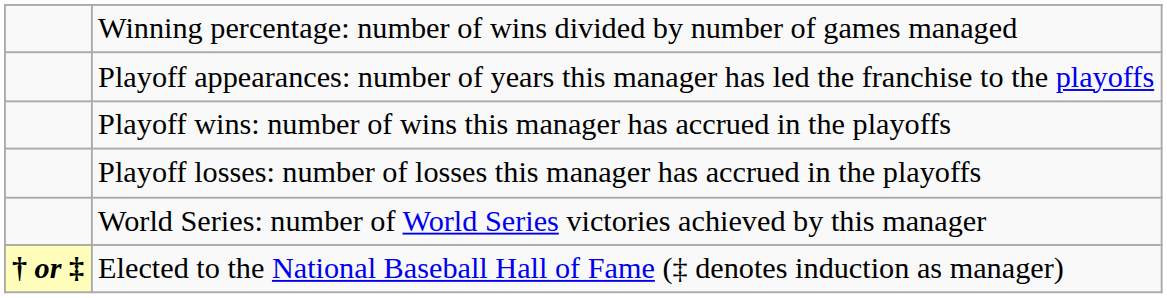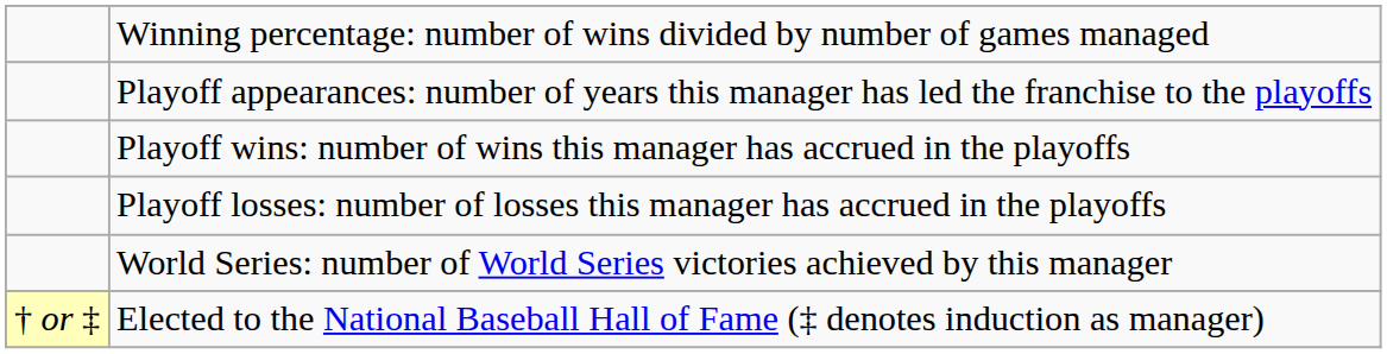 <table class="wikitable">
 <tr>
 <td></td>
 <td>Winning percentage: number of wins divided by number of games managed</td>
 </tr>
 <tr>
 <td></td>
 <td>Playoff appearances: number of years this manager has led the franchise to the <a href='#'>playoffs</a></td>
 </tr>
 <tr>
 <td></td>
 <td>Playoff wins: number of wins this manager has accrued in the playoffs</td>
 </tr>
 <tr>
 <td></td>
 <td>Playoff losses: number of losses this manager has accrued in the playoffs</td>
 </tr>
 <tr>
 <td></td>
 <td>World Series: number of <a href='#'>World Series</a> victories achieved by this manager</td>
 </tr>
 <tr>
-<td style="background:#ffffbb; text-align:center;"><strong>† <em>or</em> ‡</strong></td>
+<td style="background:#ffffbb; text-align:center;">† <em>or</em> ‡</td>
 <td>Elected to the <a href='#'>National Baseball Hall of Fame</a> (‡ denotes induction as manager)</td>
 </tr>
 </table>
